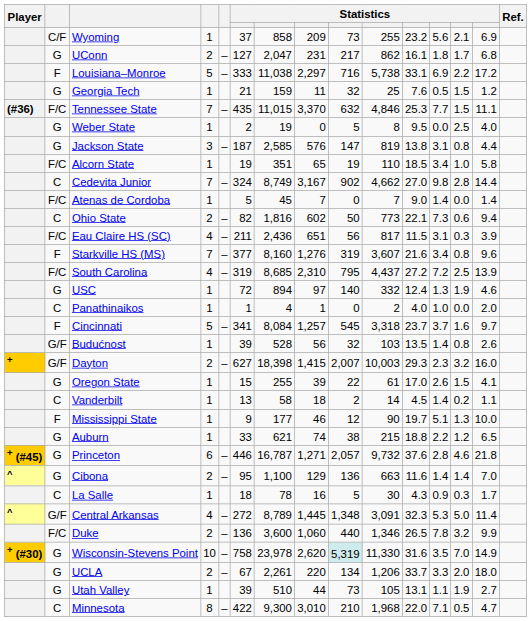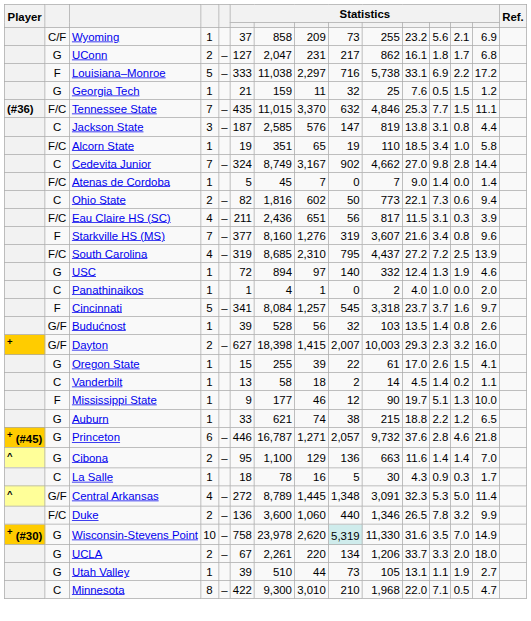 <table class="wikitable sortable" style="font-size:95%; text-align:right;">
 <tr>
 <th scope=col rowspan="2">Player</th>
 <th scope=col rowspan="2"></th>
 <th scope=col rowspan="2"></th>
 <th scope=col rowspan="2"></th>
 <th scope=col rowspan="2"></th>
 <th scope=colgroup colspan="9">Statistics</th>
 <th scope=col rowspan="2">Ref.</th>
 </tr>
 <tr>
 <th scope=col></th>
 <th scope=col></th>
 <th scope=col></th>
 <th scope=col></th>
 <th scope=col></th>
 <th scope=col></th>
 <th scope=col></th>
 <th scope=col></th>
 <th scope=col></th>
 </tr>
 <tr>
 <th scope=row style="text-align:left;"></th>
 <td align="center">C/F</td>
 <td align="left"><a href='#'>Wyoming</a></td>
 <td align="center">1</td>
 <td align="center"></td>
 <td>37</td>
 <td>858</td>
 <td>209</td>
 <td>73</td>
 <td>255</td>
 <td>23.2</td>
 <td>5.6</td>
 <td>2.1</td>
 <td>6.9</td>
 <td align=center></td>
 </tr>
 <tr>
 <th scope=row style="text-align:left;"></th>
 <td align="center">G</td>
 <td align="left"><a href='#'>UConn</a></td>
 <td align="center">2</td>
 <td align="center">–</td>
 <td>127</td>
 <td>2,047</td>
 <td>231</td>
 <td>217</td>
 <td>862</td>
 <td>16.1</td>
 <td>1.8</td>
 <td>1.7</td>
 <td>6.8</td>
 <td align=center></td>
 </tr>
 <tr>
 <th scope=row style="text-align:left;"></th>
 <td align="center">F</td>
 <td align="left"><a href='#'>Louisiana–Monroe</a></td>
 <td align="center">5</td>
 <td align="center">–</td>
 <td>333</td>
 <td>11,038</td>
 <td>2,297</td>
 <td>716</td>
 <td>5,738</td>
 <td>33.1</td>
 <td>6.9</td>
 <td>2.2</td>
 <td>17.2</td>
 <td align=center></td>
 </tr>
 <tr>
 <th scope=row style="text-align:left;"></th>
 <td align="center">G</td>
 <td align="left"><a href='#'>Georgia Tech</a></td>
 <td align="center">1</td>
 <td align="center"></td>
 <td>21</td>
 <td>159</td>
 <td>11</td>
 <td>32</td>
 <td>25</td>
 <td>7.6</td>
 <td>0.5</td>
 <td>1.5</td>
 <td>1.2</td>
 <td align=center></td>
 </tr>
 <tr>
 <th scope=row style="text-align:left;"> (#36)</th>
 <td align="center">F/C</td>
 <td align="left"><a href='#'>Tennessee State</a></td>
 <td align="center">7</td>
 <td align="center">–</td>
 <td>435</td>
 <td>11,015</td>
 <td>3,370</td>
 <td>632</td>
 <td>4,846</td>
 <td>25.3</td>
 <td>7.7</td>
 <td>1.5</td>
 <td>11.1</td>
 <td align=center></td>
 </tr>
 <tr>
 <th scope=row style="text-align:left;"></th>
-<td align="center">G</td>
-<td align="left"><a href='#'>Weber State</a></td>
-<td align="center">1</td>
-<td align="center"></td>
-<td>2</td>
-<td>19</td>
-<td>0</td>
-<td>5</td>
-<td>8</td>
-<td>9.5</td>
-<td>0.0</td>
-<td>2.5</td>
-<td>4.0</td>
-<td align=center></td>
-</tr>
-<tr>
-<th scope=row style="text-align:left;"></th>
-<td align="center">G</td>
+<td align="center">C</td>
 <td align="left"><a href='#'>Jackson State</a></td>
 <td align="center">3</td>
 <td align="center">–</td>
 <td>187</td>
 <td>2,585</td>
 <td>576</td>
 <td>147</td>
 <td>819</td>
 <td>13.8</td>
 <td>3.1</td>
 <td>0.8</td>
 <td>4.4</td>
 <td align=center></td>
 </tr>
 <tr>
 <th scope=row style="text-align:left;"></th>
 <td align="center">F/C</td>
 <td align="left"><a href='#'>Alcorn State</a></td>
 <td align="center">1</td>
 <td align="center"></td>
 <td>19</td>
 <td>351</td>
 <td>65</td>
 <td>19</td>
 <td>110</td>
 <td>18.5</td>
 <td>3.4</td>
 <td>1.0</td>
 <td>5.8</td>
 <td align=center></td>
 </tr>
 <tr>
 <th scope=row style="text-align:left;"></th>
 <td align="center">C</td>
 <td align="left"> <a href='#'>Cedevita Junior</a></td>
 <td align="center">7</td>
 <td align="center">–</td>
 <td>324</td>
 <td>8,749</td>
 <td>3,167</td>
 <td>902</td>
 <td>4,662</td>
 <td>27.0</td>
 <td>9.8</td>
 <td>2.8</td>
 <td>14.4</td>
 <td align=center></td>
 </tr>
 <tr>
 <th scope=row style="text-align:left;"></th>
 <td align="center">F/C</td>
 <td align="left"> <a href='#'>Atenas de Cordoba</a></td>
 <td align="center">1</td>
 <td align="center"></td>
 <td>5</td>
 <td>45</td>
 <td>7</td>
 <td>0</td>
 <td>7</td>
 <td>9.0</td>
 <td>1.4</td>
 <td>0.0</td>
 <td>1.4</td>
 <td align=center></td>
 </tr>
 <tr>
 <th scope=row style="text-align:left;"></th>
 <td align="center">C</td>
 <td align="left"><a href='#'>Ohio State</a></td>
 <td align="center">2</td>
 <td align="center">–</td>
 <td>82</td>
 <td>1,816</td>
 <td>602</td>
 <td>50</td>
 <td>773</td>
 <td>22.1</td>
 <td>7.3</td>
 <td>0.6</td>
 <td>9.4</td>
 <td align=center></td>
 </tr>
 <tr>
 <th scope=row style="text-align:left;"></th>
 <td align="center">F/C</td>
 <td align="left"><a href='#'>Eau Claire HS (SC)</a></td>
 <td align="center">4</td>
 <td align="center">–</td>
 <td>211</td>
 <td>2,436</td>
 <td>651</td>
 <td>56</td>
 <td>817</td>
 <td>11.5</td>
 <td>3.1</td>
 <td>0.3</td>
 <td>3.9</td>
 <td align=center></td>
 </tr>
 <tr>
 <th scope=row style="text-align:left;"></th>
 <td align="center">F</td>
 <td align="left"><a href='#'>Starkville HS (MS)</a></td>
 <td align="center">7</td>
 <td align="center">–</td>
 <td>377</td>
 <td>8,160</td>
 <td>1,276</td>
 <td>319</td>
 <td>3,607</td>
 <td>21.6</td>
 <td>3.4</td>
 <td>0.8</td>
 <td>9.6</td>
 <td align=center></td>
 </tr>
 <tr>
 <th scope=row style="text-align:left;"></th>
 <td align="center">F/C</td>
 <td align="left"><a href='#'>South Carolina</a></td>
 <td align="center">4</td>
 <td align="center">–</td>
 <td>319</td>
 <td>8,685</td>
 <td>2,310</td>
 <td>795</td>
 <td>4,437</td>
 <td>27.2</td>
 <td>7.2</td>
 <td>2.5</td>
 <td>13.9</td>
 <td align=center></td>
 </tr>
 <tr>
 <th scope=row style="text-align:left;"></th>
 <td align="center">G</td>
 <td align="left"><a href='#'>USC</a></td>
 <td align="center">1</td>
 <td align="center"></td>
 <td>72</td>
 <td>894</td>
 <td>97</td>
 <td>140</td>
 <td>332</td>
 <td>12.4</td>
 <td>1.3</td>
 <td>1.9</td>
 <td>4.6</td>
 <td align=center></td>
 </tr>
 <tr>
 <th scope=row style="text-align:left;"></th>
 <td align="center">C</td>
 <td align="left"> <a href='#'>Panathinaikos</a></td>
 <td align="center">1</td>
 <td align="center"></td>
 <td>1</td>
 <td>4</td>
 <td>1</td>
 <td>0</td>
 <td>2</td>
 <td>4.0</td>
 <td>1.0</td>
 <td>0.0</td>
 <td>2.0</td>
 <td align=center></td>
 </tr>
 <tr>
 <th scope=row style="text-align:left;"></th>
 <td align="center">F</td>
 <td align="left"><a href='#'>Cincinnati</a></td>
 <td align="center">5</td>
 <td align="center">–</td>
 <td>341</td>
 <td>8,084</td>
 <td>1,257</td>
 <td>545</td>
 <td>3,318</td>
 <td>23.7</td>
 <td>3.7</td>
 <td>1.6</td>
 <td>9.7</td>
 <td align=center></td>
 </tr>
 <tr>
 <th scope=row style="text-align:left;"></th>
 <td align="center">G/F</td>
 <td align="left"> <a href='#'>Budućnost</a></td>
 <td align="center">1</td>
 <td align="center"></td>
 <td>39</td>
 <td>528</td>
 <td>56</td>
 <td>32</td>
 <td>103</td>
 <td>13.5</td>
 <td>1.4</td>
 <td>0.8</td>
 <td>2.6</td>
 <td align=center></td>
 </tr>
 <tr>
 <th scope=row style="text-align:left; background-color:#FFCC00;"><sup>+</sup></th>
 <td align="center">G/F</td>
 <td align="left"><a href='#'>Dayton</a></td>
 <td align="center">2</td>
 <td align="center">–</td>
 <td>627</td>
 <td>18,398</td>
 <td>1,415</td>
 <td>2,007</td>
 <td>10,003</td>
 <td>29.3</td>
 <td>2.3</td>
 <td>3.2</td>
 <td>16.0</td>
 <td align=center></td>
 </tr>
 <tr>
 <th scope=row style="text-align:left;"></th>
 <td align="center">G</td>
 <td align="left"><a href='#'>Oregon State</a></td>
 <td align="center">1</td>
 <td align="center"></td>
 <td>15</td>
 <td>255</td>
 <td>39</td>
 <td>22</td>
 <td>61</td>
 <td>17.0</td>
 <td>2.6</td>
 <td>1.5</td>
 <td>4.1</td>
 <td align=center></td>
 </tr>
 <tr>
 <th scope=row style="text-align:left;"></th>
 <td align="center">C</td>
 <td align="left"><a href='#'>Vanderbilt</a></td>
 <td align="center">1</td>
 <td align="center"></td>
 <td>13</td>
 <td>58</td>
 <td>18</td>
 <td>2</td>
 <td>14</td>
 <td>4.5</td>
 <td>1.4</td>
 <td>0.2</td>
 <td>1.1</td>
 <td align=center></td>
 </tr>
 <tr>
 <th scope=row style="text-align:left;"></th>
 <td align="center">F</td>
 <td align="left"><a href='#'>Mississippi State</a></td>
 <td align="center">1</td>
 <td align="center"></td>
 <td>9</td>
 <td>177</td>
 <td>46</td>
 <td>12</td>
 <td>90</td>
 <td>19.7</td>
 <td>5.1</td>
 <td>1.3</td>
 <td>10.0</td>
 <td align=center></td>
 </tr>
 <tr>
 <th scope=row style="text-align:left;"></th>
 <td align="center">G</td>
 <td align="left"><a href='#'>Auburn</a></td>
 <td align="center">1</td>
 <td align="center"></td>
 <td>33</td>
 <td>621</td>
 <td>74</td>
 <td>38</td>
 <td>215</td>
 <td>18.8</td>
 <td>2.2</td>
 <td>1.2</td>
 <td>6.5</td>
 <td align=center></td>
 </tr>
 <tr>
 <th scope=row style="text-align:left; background-color:#FFCC00;"><sup>+</sup> (#45)</th>
 <td align="center">G</td>
 <td align="left"><a href='#'>Princeton</a></td>
 <td align="center">6</td>
 <td align="center">–</td>
 <td>446</td>
 <td>16,787</td>
 <td>1,271</td>
 <td>2,057</td>
 <td>9,732</td>
 <td>37.6</td>
 <td>2.8</td>
 <td>4.6</td>
 <td>21.8</td>
 <td align=center></td>
 </tr>
 <tr>
 <th scope=row style="text-align:left; background-color:#FFFF99;"><sup>^</sup></th>
 <td align="center">G</td>
 <td align="left"> <a href='#'>Cibona</a></td>
 <td align="center">2</td>
 <td align="center">–</td>
 <td>95</td>
 <td>1,100</td>
 <td>129</td>
 <td>136</td>
 <td>663</td>
 <td>11.6</td>
 <td>1.4</td>
 <td>1.4</td>
 <td>7.0</td>
 <td align=center></td>
 </tr>
 <tr>
 <th scope=row style="text-align:left;"></th>
 <td align="center">C</td>
 <td align="left"><a href='#'>La Salle</a></td>
 <td align="center">1</td>
 <td align="center"></td>
 <td>18</td>
 <td>78</td>
 <td>16</td>
 <td>5</td>
 <td>30</td>
 <td>4.3</td>
 <td>0.9</td>
 <td>0.3</td>
 <td>1.7</td>
 <td align=center></td>
 </tr>
 <tr>
 <th scope=row style="text-align:left; background-color:#FFFF99;"><sup>^</sup></th>
 <td align="center">G/F</td>
 <td align="left"><a href='#'>Central Arkansas</a></td>
 <td align="center">4</td>
 <td align="center">–</td>
 <td>272</td>
 <td>8,789</td>
 <td>1,445</td>
 <td>1,348</td>
 <td>3,091</td>
 <td>32.3</td>
 <td>5.3</td>
 <td>5.0</td>
 <td>11.4</td>
 <td align=center></td>
 </tr>
 <tr>
 <th scope=row style="text-align:left;"></th>
 <td align="center">F/C</td>
 <td align="left"><a href='#'>Duke</a></td>
 <td align="center">2</td>
 <td align="center">–</td>
 <td>136</td>
 <td>3,600</td>
 <td>1,060</td>
 <td>440</td>
 <td>1,346</td>
 <td>26.5</td>
 <td>7.8</td>
 <td>3.2</td>
 <td>9.9</td>
 <td align=center></td>
 </tr>
 <tr>
 <th scope=row style="text-align:left; background-color:#FFCC00;"><sup>+</sup> (#30)</th>
 <td align="center">G</td>
 <td align="left"><a href='#'>Wisconsin-Stevens Point</a></td>
 <td align="center">10</td>
 <td align="center">–</td>
 <td>758</td>
 <td>23,978</td>
 <td>2,620</td>
 <td bgcolor="#CFECEC">5,319<sup></sup></td>
 <td>11,330</td>
 <td>31.6</td>
 <td>3.5</td>
 <td>7.0</td>
 <td>14.9</td>
 <td align=center></td>
 </tr>
 <tr>
 <th scope=row style="text-align:left;"></th>
 <td align="center">G</td>
 <td align="left"><a href='#'>UCLA</a></td>
 <td align="center">2</td>
 <td align="center">–</td>
 <td>67</td>
 <td>2,261</td>
 <td>220</td>
 <td>134</td>
 <td>1,206</td>
 <td>33.7</td>
 <td>3.3</td>
 <td>2.0</td>
 <td>18.0</td>
 <td align=center></td>
 </tr>
 <tr>
 <th scope=row style="text-align:left;"></th>
 <td align="center">G</td>
 <td align="left"><a href='#'>Utah Valley</a></td>
 <td align="center">1</td>
 <td align="center"></td>
 <td>39</td>
 <td>510</td>
 <td>44</td>
 <td>73</td>
 <td>105</td>
 <td>13.1</td>
 <td>1.1</td>
 <td>1.9</td>
 <td>2.7</td>
 <td align=center></td>
 </tr>
 <tr>
 <th scope=row style="text-align:left;"></th>
 <td align="center">C</td>
 <td align="left"><a href='#'>Minnesota</a></td>
 <td align="center">8</td>
 <td align="center">–</td>
 <td>422</td>
 <td>9,300</td>
 <td>3,010</td>
 <td>210</td>
 <td>1,968</td>
 <td>22.0</td>
 <td>7.1</td>
 <td>0.5</td>
 <td>4.7</td>
 <td align=center></td>
 </tr>
 </table>
